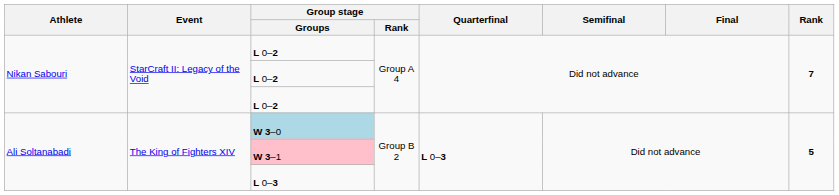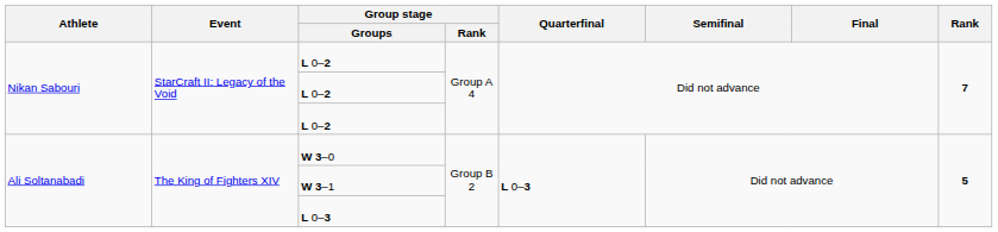 <table class="wikitable" width="98%" style="text-align:left; font-size:90%">
 <tr>
 <th rowspan="2" width="11%">Athlete</th>
 <th rowspan="2" width="11%">Event</th>
 <th colspan="2" width="15%">Group stage</th>
 <th rowspan="2" width="11%">Quarterfinal</th>
 <th rowspan="2" width="11%">Semifinal</th>
 <th rowspan="2" width="11%">Final</th>
 <th rowspan="2" width="4%">Rank</th>
 </tr>
 <tr>
 <th width="11%">Groups</th>
 <th>Rank</th>
 </tr>
 <tr>
 <td rowspan="3"><a href='#'>Nikan Sabouri</a></td>
 <td rowspan="3"><a href='#'>StarCraft II: Legacy of the Void</a></td>
 <td><br><strong>L</strong> 0–<strong>2</strong></td>
 <td rowspan="3" align=center>Group A<br>4</td>
 <td rowspan="3" colspan=3 align=center>Did not advance</td>
 <td rowspan="3" align=center><strong>7</strong></td>
 </tr>
 <tr>
 <td><br><strong>L</strong> 0–<strong>2</strong></td>
 </tr>
 <tr>
 <td><br><strong>L</strong> 0–<strong>2</strong></td>
 </tr>
 <tr>
 <td rowspan="3"><a href='#'>Ali Soltanabadi</a></td>
 <td rowspan="3"><a href='#'>The King of Fighters XIV</a></td>
-<td style="background: lightblue;"><br><strong>W</strong> <strong>3</strong>–0</td>
+<td><br><strong>W</strong> <strong>3</strong>–0</td>
 <td rowspan="3" align=center>Group B<br>2 <strong></strong></td>
 <td rowspan="3"><br><strong>L</strong> 0–<strong>3</strong></td>
 <td rowspan="3" colspan=2 align=center>Did not advance</td>
 <td rowspan="3" align=center><strong>5</strong></td>
 </tr>
 <tr>
-<td style="background: pink;"><br><strong>W</strong> <strong>3</strong>–1</td>
+<td><br><strong>W</strong> <strong>3</strong>–1</td>
 </tr>
 <tr>
 <td><br><strong>L</strong> 0–<strong>3</strong></td>
 </tr>
 </table>
